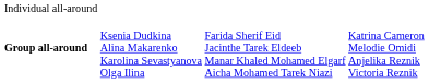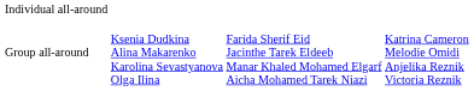 <table>
 <tr>
 <td>Individual all-around<br></td>
 <td></td>
 <td></td>
 <td></td>
 </tr>
 <tr>
-<td><strong>Group all-around<br></strong></td>
+<td>Group all-around<br></td>
 <td><br><a href='#'>Ksenia Dudkina</a><br><a href='#'>Alina Makarenko</a><br><a href='#'>Karolina Sevastyanova</a><br><a href='#'>Olga Ilina</a></td>
 <td><br><a href='#'>Farida Sherif Eid</a><br><a href='#'>Jacinthe Tarek Eldeeb</a><br><a href='#'>Manar Khaled Mohamed Elgarf</a><br><a href='#'>Aicha Mohamed Tarek Niazi</a></td>
 <td><br><a href='#'>Katrina Cameron</a><br><a href='#'>Melodie Omidi</a><br><a href='#'>Anjelika Reznik</a><br><a href='#'>Victoria Reznik</a></td>
 </tr>
 <tr>
 </tr>
 </table>
